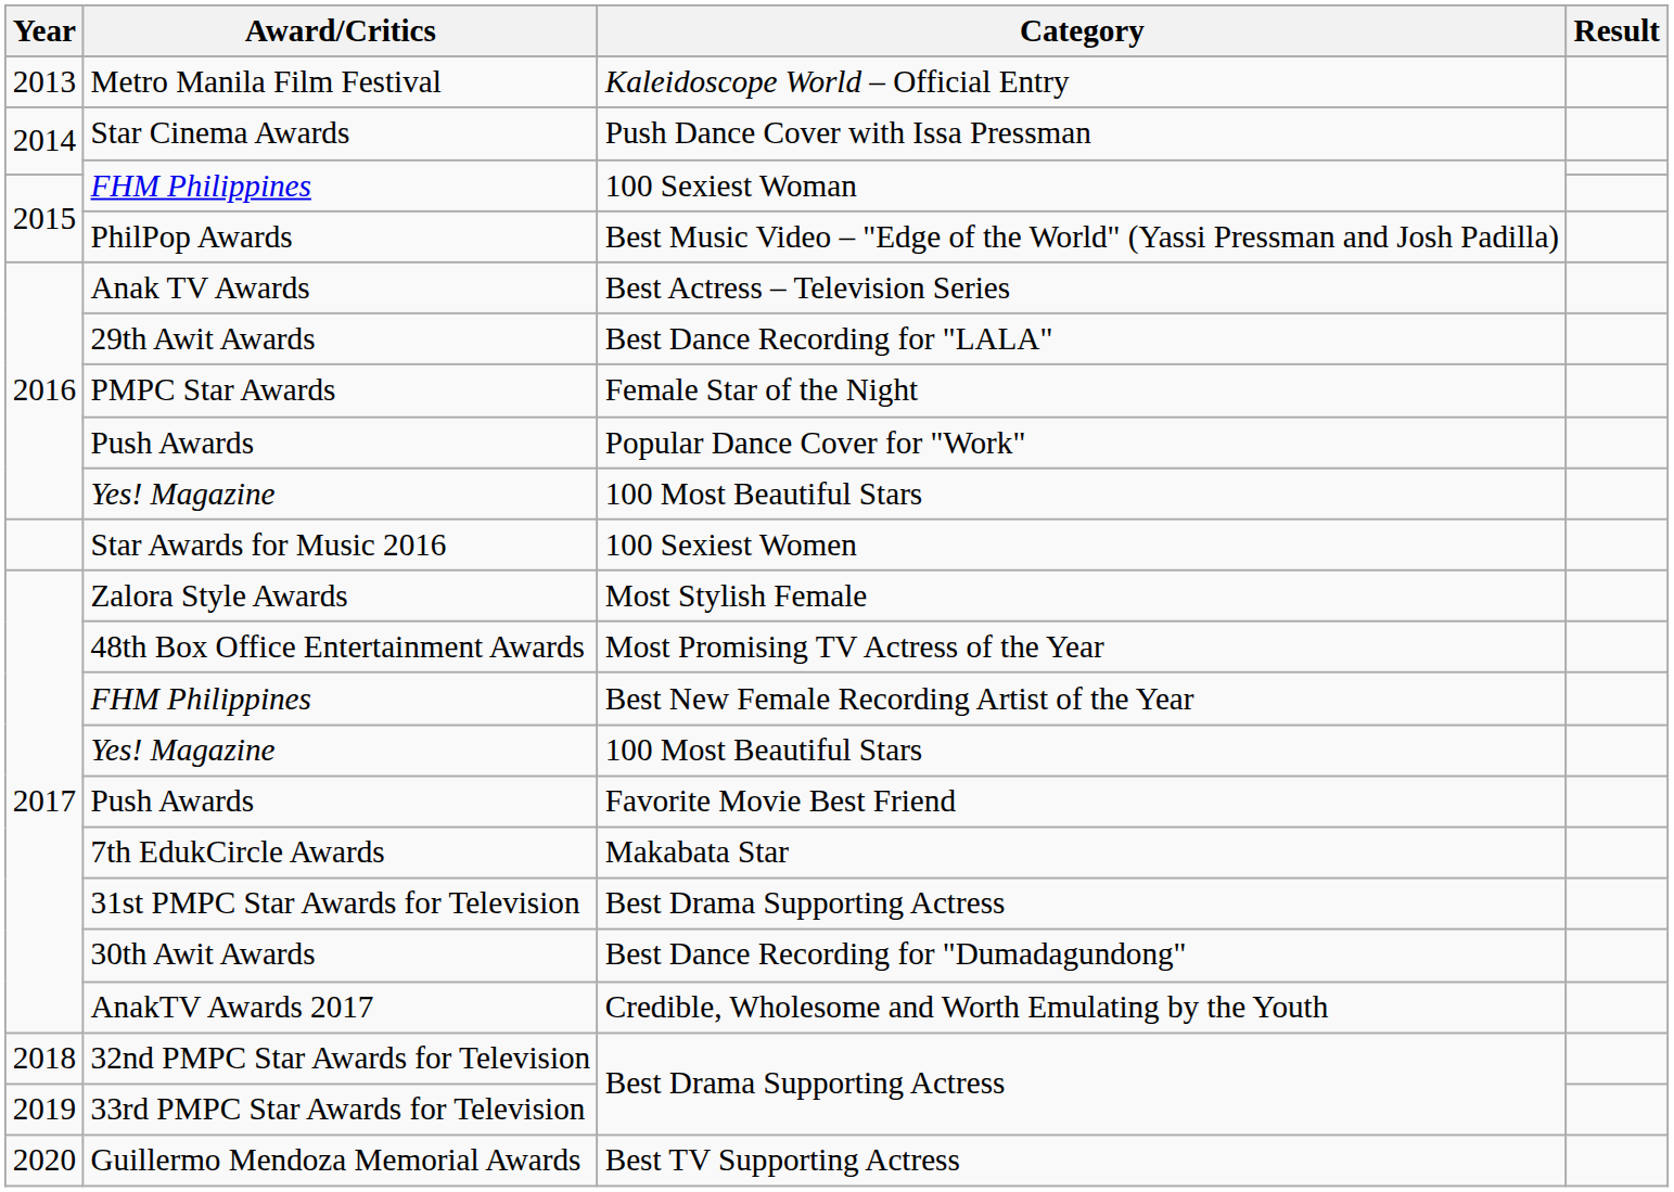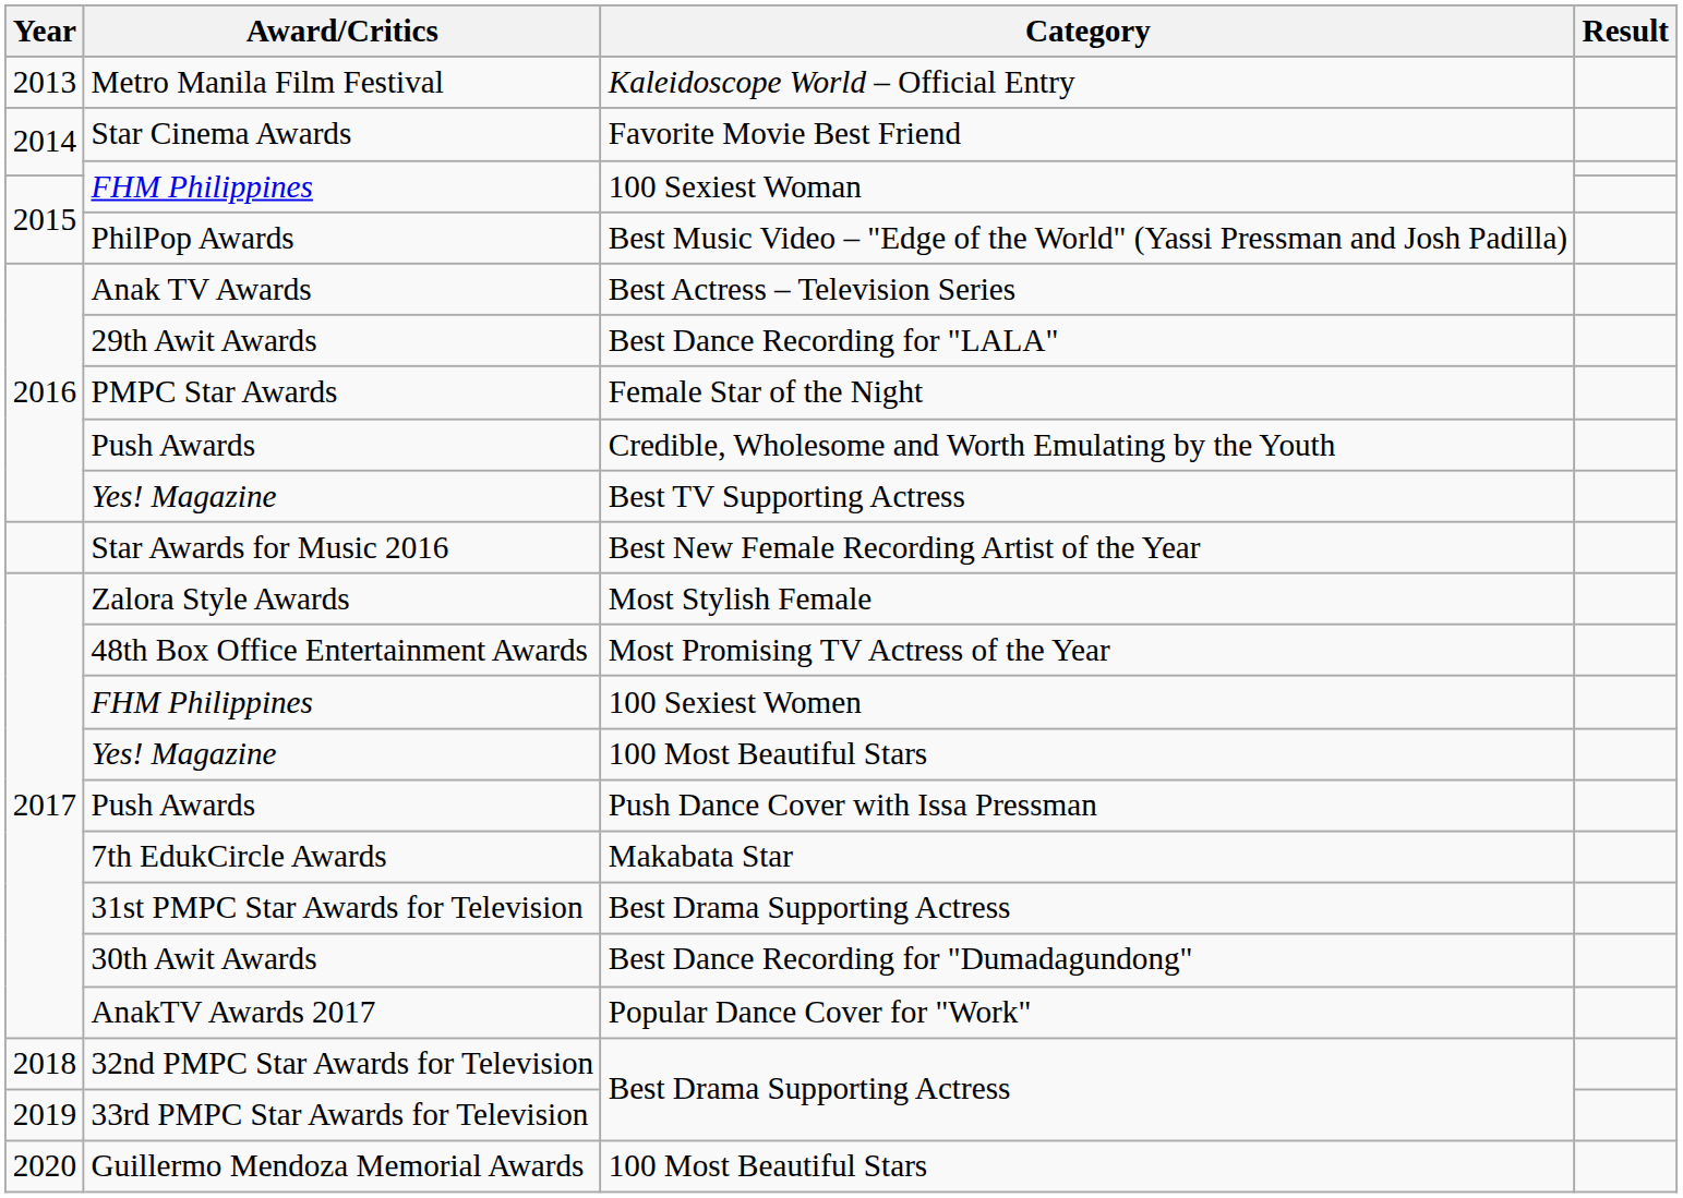 <table class="wikitable" style="font-size: 97%;">
 <tr bgcolor="#B0C4DE" align="center">
 <th>Year</th>
 <th>Award/Critics</th>
 <th>Category</th>
 <th>Result</th>
 </tr>
 <tr>
 <td>2013</td>
 <td>Metro Manila Film Festival</td>
 <td><em>Kaleidoscope World</em> – Official Entry</td>
 <td></td>
 </tr>
 <tr>
 <td rowspan="2">2014</td>
 <td>Star Cinema Awards</td>
-<td>Push Dance Cover with Issa Pressman</td>
+<td>Favorite Movie Best Friend</td>
 <td></td>
 </tr>
 <tr>
 <td rowspan="2"><em><a href='#'>FHM Philippines</a></em></td>
 <td rowspan="2">100 Sexiest Woman</td>
 <td></td>
 </tr>
 <tr>
 <td rowspan="2">2015</td>
 <td></td>
 </tr>
 <tr>
 <td>PhilPop Awards</td>
 <td>Best Music Video – "Edge of the World" (Yassi Pressman and Josh Padilla)</td>
 <td></td>
 </tr>
 <tr>
 <td rowspan="5">2016</td>
 <td>Anak TV Awards</td>
 <td>Best Actress – Television Series</td>
 <td></td>
 </tr>
 <tr>
 <td>29th Awit Awards</td>
 <td>Best Dance Recording for "LALA"</td>
 <td></td>
 </tr>
 <tr>
 <td>PMPC Star Awards</td>
 <td>Female Star of the Night</td>
 <td></td>
 </tr>
 <tr>
 <td>Push Awards</td>
-<td>Popular Dance Cover for "Work"</td>
+<td>Credible, Wholesome and Worth Emulating by the Youth</td>
 <td></td>
 </tr>
 <tr>
 <td><em>Yes! Magazine</em></td>
-<td>100 Most Beautiful Stars</td>
+<td Best TV Supporting Actress>Best TV Supporting Actress</td>
 <td></td>
 </tr>
 <tr>
 <td></td>
 <td>Star Awards for Music 2016</td>
-<td>100 Sexiest Women</td>
+<td>Best New Female Recording Artist of the Year</td>
 <td></td>
 </tr>
 <tr>
 <td rowspan="9">2017</td>
 <td>Zalora Style Awards</td>
 <td>Most Stylish Female</td>
 <td></td>
 </tr>
 <tr>
 <td>48th Box Office Entertainment Awards</td>
 <td>Most Promising TV Actress of the Year</td>
 <td></td>
 </tr>
 <tr>
 <td><em>FHM Philippines</em></td>
-<td>Best New Female Recording Artist of the Year</td>
+<td>100 Sexiest Women</td>
 <td></td>
 </tr>
 <tr>
 <td><em>Yes! Magazine</em></td>
 <td>100 Most Beautiful Stars</td>
 <td></td>
 </tr>
 <tr>
 <td>Push Awards</td>
-<td>Favorite Movie Best Friend</td>
+<td>Push Dance Cover with Issa Pressman</td>
 <td></td>
 </tr>
 <tr>
 <td>7th EdukCircle Awards</td>
 <td>Makabata Star</td>
 <td></td>
 </tr>
 <tr>
 <td>31st PMPC Star Awards for Television</td>
 <td>Best Drama Supporting Actress</td>
 <td></td>
 </tr>
 <tr>
 <td>30th Awit Awards</td>
 <td>Best Dance Recording for "Dumadagundong"</td>
 <td></td>
 </tr>
 <tr>
 <td>AnakTV Awards 2017</td>
-<td>Credible, Wholesome and Worth Emulating by the Youth</td>
+<td>Popular Dance Cover for "Work"</td>
 <td></td>
 </tr>
 <tr>
 <td>2018</td>
 <td>32nd PMPC Star Awards for Television</td>
 <td rowspan="2">Best Drama Supporting Actress</td>
 <td></td>
 </tr>
 <tr>
 <td>2019</td>
 <td>33rd PMPC Star Awards for Television</td>
 <td></td>
 </tr>
 <tr>
 <td>2020</td>
 <td>Guillermo Mendoza Memorial Awards</td>
-<td Best TV Supporting Actress>Best TV Supporting Actress</td>
+<td>100 Most Beautiful Stars</td>
 <td></td>
 </tr>
 </table>
